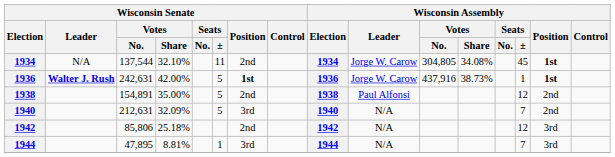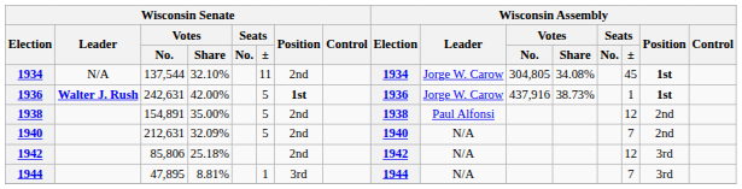 <table class="sortable wikitable" style="text-align:center">
 <tr style="background:lightgrey;">
 <th colspan="8">Wisconsin Senate</th>
 <th colspan="8">Wisconsin Assembly</th>
 </tr>
 <tr>
 <th rowspan=2>Election</th>
 <th rowspan=2>Leader</th>
 <th colspan=2>Votes</th>
 <th colspan=2>Seats</th>
 <th rowspan=2>Position</th>
 <th rowspan=2>Control</th>
 <th rowspan=2>Election</th>
 <th rowspan=2>Leader</th>
 <th colspan=2>Votes</th>
 <th colspan=2>Seats</th>
 <th rowspan=2>Position</th>
 <th rowspan=2>Control</th>
 </tr>
 <tr>
 <th>No.</th>
 <th>Share</th>
 <th>No.</th>
 <th>±</th>
 <th>No.</th>
 <th>Share</th>
 <th>No.</th>
 <th>±</th>
 </tr>
 <tr>
 <th><a href='#'>1934</a></th>
 <td>N/A</td>
 <td style="text-align:right;">137,544</td>
 <td style="text-align:right;">32.10%</td>
 <td style="text-align:center;"></td>
 <td> 11</td>
 <td>2nd</td>
 <td></td>
 <th><a href='#'>1934</a></th>
 <td><a href='#'>Jorge W. Carow</a></td>
 <td style="text-align:right;">304,805</td>
 <td style="text-align:right;">34.08%</td>
 <td style="text-align:center;"></td>
 <td> 45</td>
 <td><strong>1st</strong></td>
 <td></td>
 </tr>
 <tr>
 <th><a href='#'>1936</a></th>
 <td><strong><a href='#'>Walter J. Rush</a></strong></td>
 <td style="text-align:right;">242,631</td>
 <td style="text-align:right;">42.00%</td>
 <td style="text-align:center;"></td>
 <td> 5</td>
 <td><strong>1st</strong></td>
 <td></td>
 <th><a href='#'>1936</a></th>
 <td><a href='#'>Jorge W. Carow</a></td>
 <td style="text-align:right;">437,916</td>
 <td style="text-align:right;">38.73%</td>
 <td style="text-align:center;"></td>
 <td> 1</td>
 <td><strong>1st</strong></td>
 <td></td>
 </tr>
 <tr>
 <th><a href='#'>1938</a></th>
 <td></td>
 <td style="text-align:right;">154,891</td>
 <td style="text-align:right;">35.00%</td>
 <td style="text-align:center;"></td>
 <td> 5</td>
 <td>2nd</td>
 <td></td>
 <th><a href='#'>1938</a></th>
 <td><a href='#'>Paul Alfonsi</a></td>
 <td style="text-align:right;"></td>
 <td style="text-align:right;"></td>
 <td style="text-align:center;"></td>
 <td> 12</td>
 <td>2nd</td>
 <td></td>
 </tr>
 <tr>
 <th><a href='#'>1940</a></th>
 <td></td>
 <td style="text-align:right;">212,631</td>
 <td style="text-align:right;">32.09%</td>
 <td style="text-align:center;"></td>
 <td> 5</td>
-<td>3rd</td>
+<td>2nd</td>
 <td></td>
 <th><a href='#'>1940</a></th>
 <td>N/A</td>
 <td style="text-align:right;"></td>
 <td style="text-align:right;"></td>
 <td style="text-align:center;"></td>
 <td> 7</td>
 <td>2nd</td>
 <td></td>
 </tr>
 <tr>
 <th><a href='#'>1942</a></th>
 <td></td>
 <td style="text-align:right;">85,806</td>
 <td style="text-align:right;">25.18%</td>
 <td style="text-align:center;"></td>
 <td></td>
 <td>2nd</td>
 <td></td>
 <th><a href='#'>1942</a></th>
 <td>N/A</td>
 <td style="text-align:right;"></td>
 <td style="text-align:right;"></td>
 <td style="text-align:center;"></td>
 <td> 12</td>
 <td>3rd</td>
 <td></td>
 </tr>
 <tr>
 <th><a href='#'>1944</a></th>
 <td></td>
 <td style="text-align:right;">47,895</td>
 <td style="text-align:right;">8.81%</td>
 <td style="text-align:center;"></td>
 <td> 1</td>
 <td>3rd</td>
 <td></td>
 <th><a href='#'>1944</a></th>
 <td>N/A</td>
 <td style="text-align:right;"></td>
 <td style="text-align:right;"></td>
 <td style="text-align:center;"></td>
 <td> 7</td>
 <td>3rd</td>
 <td></td>
 </tr>
 <tr>
 </tr>
 </table>
